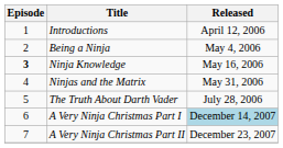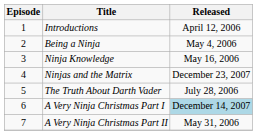 <table class="wikitable">
 <tr>
 <th>Episode</th>
 <th>Title</th>
 <th>Released</th>
 </tr>
 <tr>
 <td align="center">1</td>
 <td><em>Introductions</em></td>
 <td align="center">April 12, 2006</td>
 </tr>
 <tr>
 <td align="center">2</td>
 <td><em>Being a Ninja</em></td>
 <td align="center">May 4, 2006</td>
 </tr>
 <tr>
-<td align="center"><strong>3</strong></td>
+<td align="center">3</td>
 <td><em>Ninja Knowledge</em></td>
 <td align="center">May 16, 2006</td>
 </tr>
 <tr>
 <td align="center">4</td>
 <td><em>Ninjas and the Matrix</em></td>
-<td align="center">May 31, 2006</td>
+<td align="center">December 23, 2007</td>
 </tr>
 <tr>
 <td align="center">5</td>
 <td><em>The Truth About Darth Vader</em></td>
 <td align="center">July 28, 2006</td>
 </tr>
 <tr>
 <td align="center">6</td>
 <td><em>A Very Ninja Christmas Part I</em></td>
 <td align="center" style="background: lightblue;">December 14, 2007</td>
 </tr>
 <tr>
 <td align="center">7</td>
 <td><em>A Very Ninja Christmas Part II</em></td>
-<td align="center">December 23, 2007</td>
+<td align="center">May 31, 2006</td>
 </tr>
 <tr>
 </tr>
 </table>
